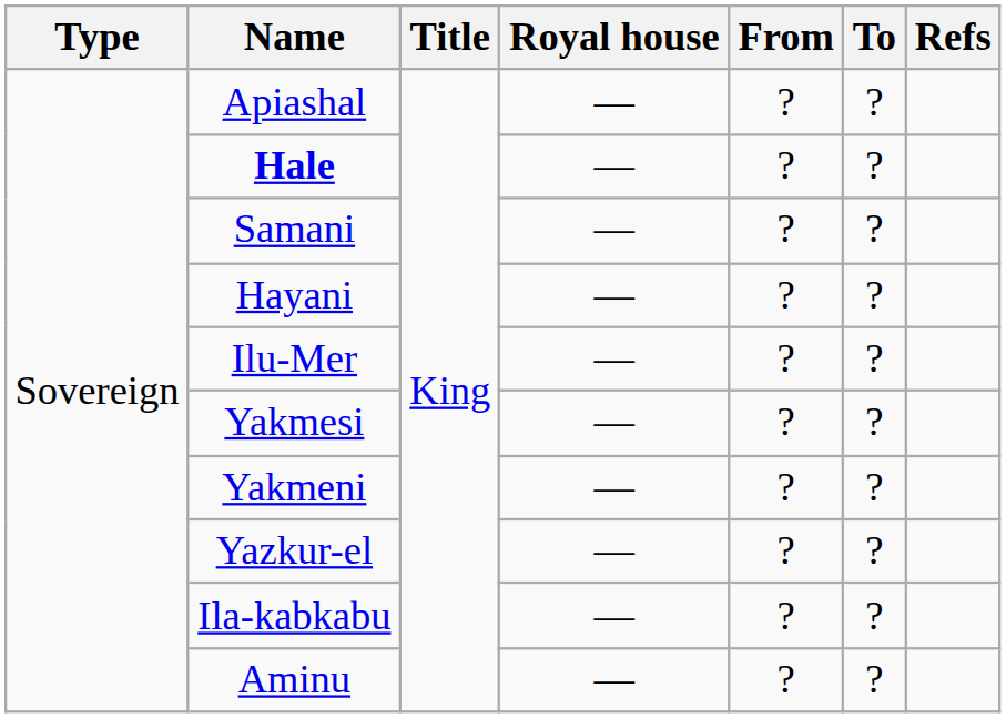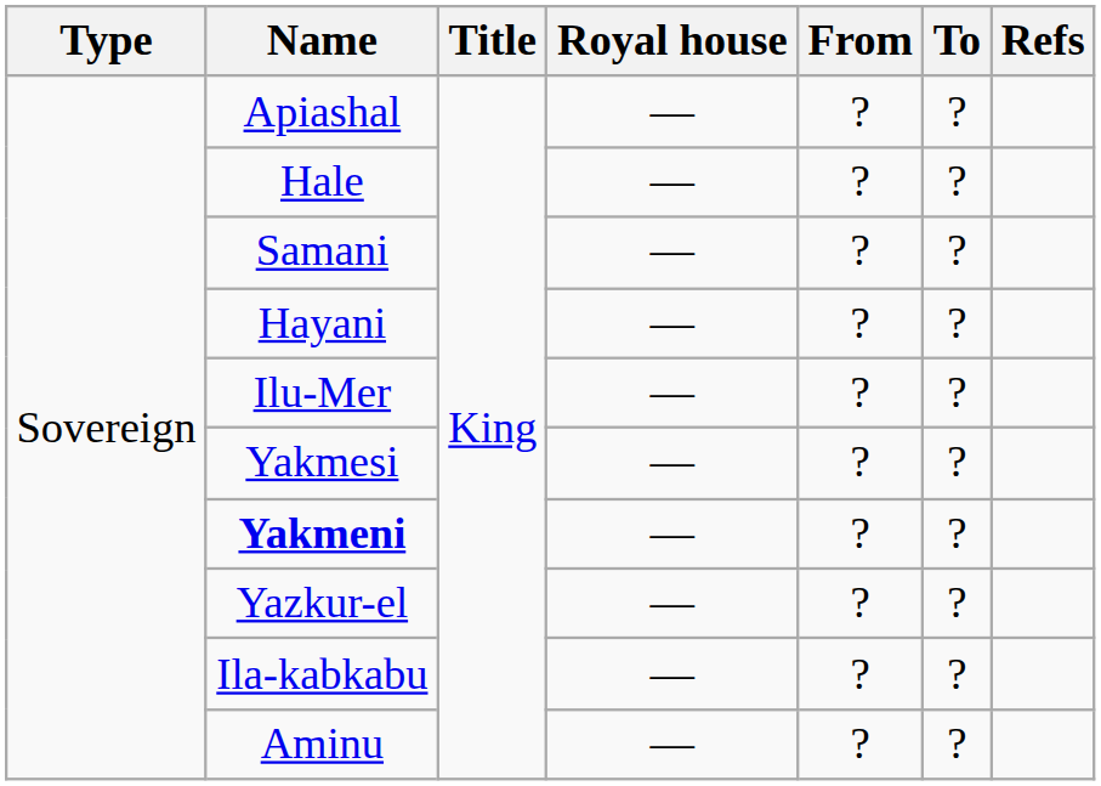 <table style="text-align:center;" class="wikitable">
 <tr>
 <th>Type</th>
 <th>Name</th>
 <th>Title</th>
 <th>Royal house</th>
 <th>From</th>
 <th>To</th>
 <th>Refs</th>
 </tr>
 <tr>
 <td rowspan="10">Sovereign</td>
 <td><a href='#'>Apiashal</a></td>
 <td rowspan="10"><a href='#'>King</a></td>
 <td>—</td>
 <td>?</td>
 <td>?</td>
 <td></td>
 </tr>
 <tr>
-<td><strong><a href='#'>Hale</a></strong></td>
+<td><a href='#'>Hale</a></td>
 <td>—</td>
 <td>?</td>
 <td>?</td>
 <td></td>
 </tr>
 <tr>
 <td><a href='#'>Samani</a></td>
 <td>—</td>
 <td>?</td>
 <td>?</td>
 <td></td>
 </tr>
 <tr>
 <td><a href='#'>Hayani</a></td>
 <td>—</td>
 <td>?</td>
 <td>?</td>
 <td></td>
 </tr>
 <tr>
 <td><a href='#'>Ilu-Mer</a></td>
 <td>—</td>
 <td>?</td>
 <td>?</td>
 <td></td>
 </tr>
 <tr>
 <td><a href='#'>Yakmesi</a></td>
 <td>—</td>
 <td>?</td>
 <td>?</td>
 <td></td>
 </tr>
 <tr>
-<td><a href='#'>Yakmeni</a></td>
+<td><strong><a href='#'>Yakmeni</a></strong></td>
 <td>—</td>
 <td>?</td>
 <td>?</td>
 <td></td>
 </tr>
 <tr>
 <td><a href='#'>Yazkur-el</a></td>
 <td>—</td>
 <td>?</td>
 <td>?</td>
 <td></td>
 </tr>
 <tr>
 <td><a href='#'>Ila-kabkabu</a></td>
 <td>—</td>
 <td>?</td>
 <td>?</td>
 <td></td>
 </tr>
 <tr>
 <td><a href='#'>Aminu</a></td>
 <td>—</td>
 <td>?</td>
 <td>?</td>
 <td></td>
 </tr>
 </table>
